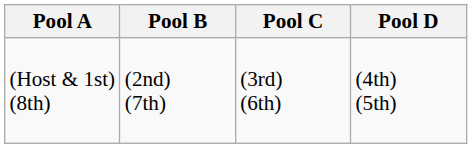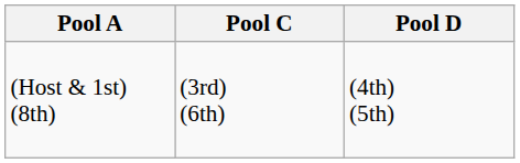 <table class="wikitable">
 <tr>
 <th width=25%>Pool A</th>
-<th width=25%>Pool B</th>
 <th width=25%>Pool C</th>
 <th width=25%>Pool D</th>
 </tr>
 <tr>
 <td valign=top><br> (Host & 1st)<br>  (8th)<br> <br></td>
-<td valign=top><br> (2nd)<br>  (7th)<br> </td>
 <td valign=top><br> (3rd)<br>  (6th)<br> </td>
 <td><br> (4th)<br>  (5th)<br> <br> </td>
 </tr>
 </table>
